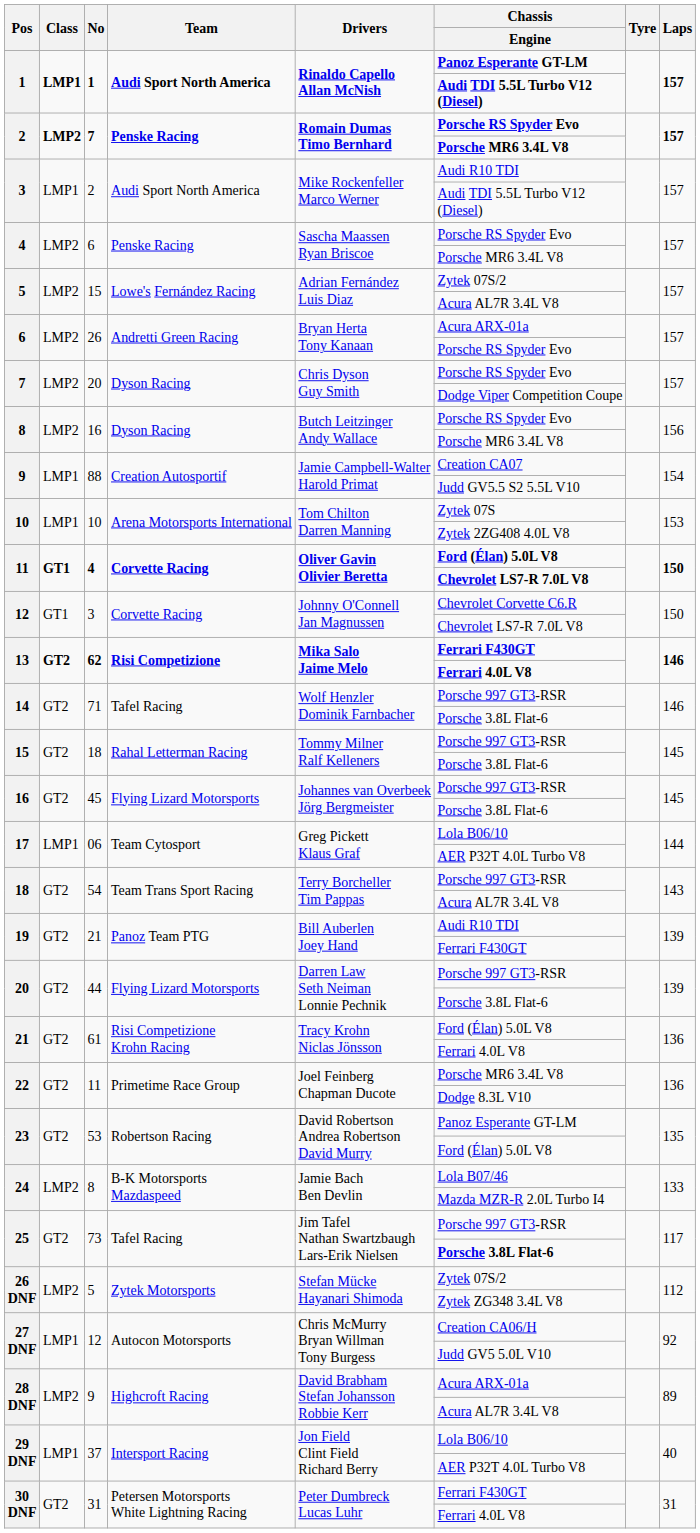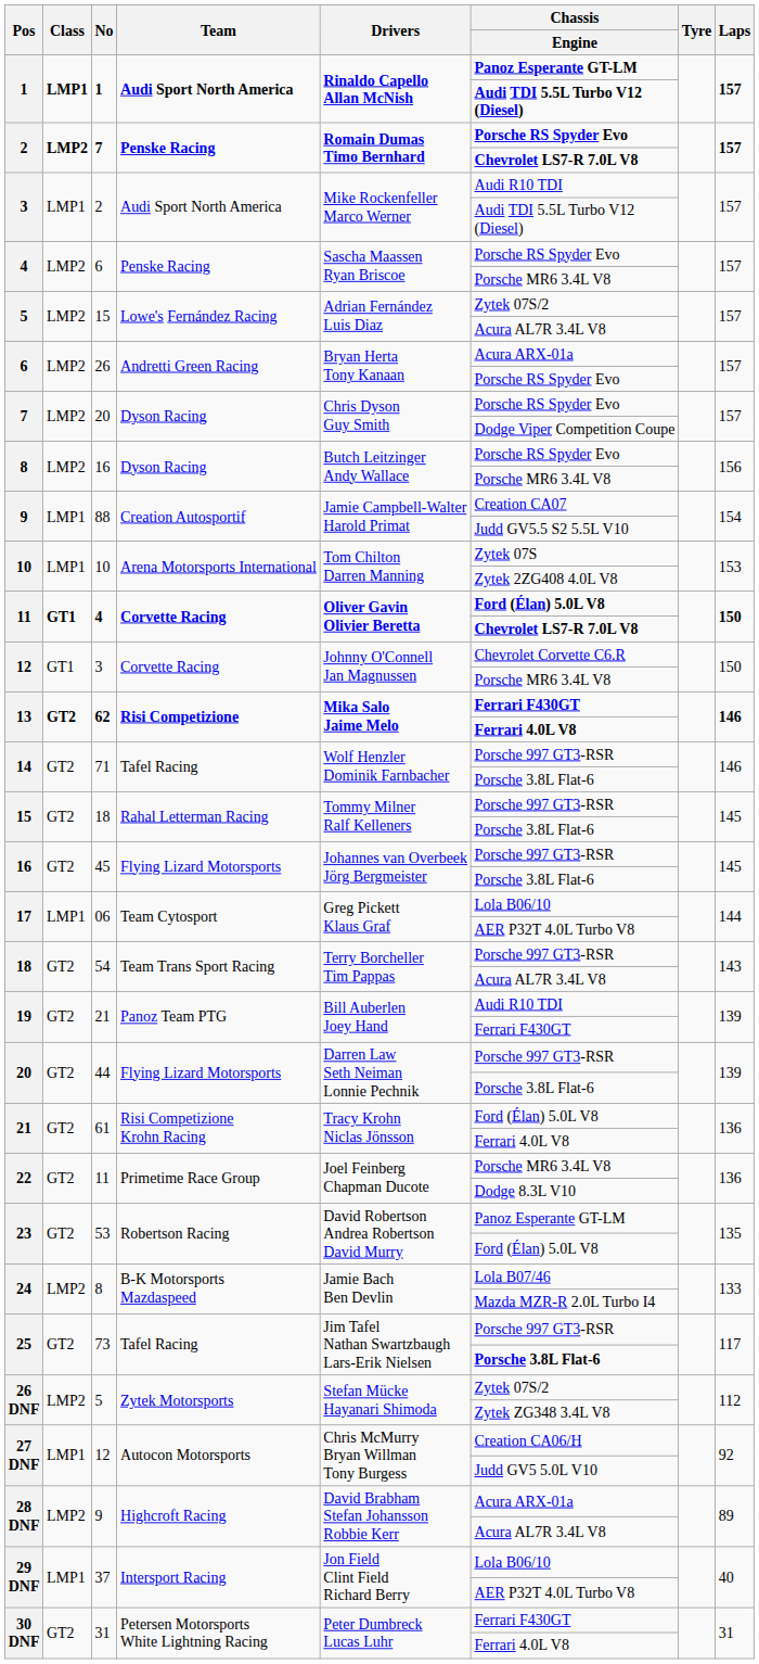 <table class="wikitable" style="font-size: 95%;">
 <tr>
 <th rowspan=2>Pos</th>
 <th rowspan=2>Class</th>
 <th rowspan=2>No</th>
 <th rowspan=2>Team</th>
 <th rowspan=2>Drivers</th>
 <th>Chassis</th>
 <th rowspan=2>Tyre</th>
 <th rowspan=2>Laps</th>
 </tr>
 <tr>
 <th>Engine</th>
 </tr>
 <tr style="font-weight:bold">
 <th rowspan=2>1</th>
 <td rowspan=2>LMP1</td>
 <td rowspan=2>1</td>
 <td rowspan=2> <a href='#'>Audi</a> Sport North America</td>
 <td rowspan=2> <a href='#'>Rinaldo Capello</a><br> <a href='#'>Allan McNish</a></td>
 <td><a href='#'>Panoz Esperante</a> GT-LM</td>
 <td rowspan=2></td>
 <td rowspan=2>157</td>
 </tr>
 <tr style="font-weight:bold">
 <td><a href='#'>Audi</a> <a href='#'>TDI</a> 5.5L Turbo V12<br>(<a href='#'>Diesel</a>)</td>
 </tr>
 <tr style="font-weight:bold">
 <th rowspan=2>2</th>
 <td rowspan=2>LMP2</td>
 <td rowspan=2>7</td>
 <td rowspan=2> <a href='#'>Penske Racing</a></td>
 <td rowspan=2> <a href='#'>Romain Dumas</a><br> <a href='#'>Timo Bernhard</a></td>
 <td><a href='#'>Porsche RS Spyder</a> Evo</td>
 <td rowspan=2></td>
 <td rowspan=2>157</td>
 </tr>
 <tr style="font-weight:bold">
-<td><a href='#'>Porsche</a> MR6 3.4L V8</td>
+<td><a href='#'>Chevrolet</a> LS7-R 7.0L V8</td>
 </tr>
 <tr>
 <th rowspan=2>3</th>
 <td rowspan=2>LMP1</td>
 <td rowspan=2>2</td>
 <td rowspan=2> <a href='#'>Audi</a> Sport North America</td>
 <td rowspan=2> <a href='#'>Mike Rockenfeller</a><br> <a href='#'>Marco Werner</a></td>
 <td><a href='#'>Audi R10 TDI</a></td>
 <td rowspan=2></td>
 <td rowspan=2>157</td>
 </tr>
 <tr>
 <td><a href='#'>Audi</a> <a href='#'>TDI</a> 5.5L Turbo V12<br>(<a href='#'>Diesel</a>)</td>
 </tr>
 <tr>
 <th rowspan=2>4</th>
 <td rowspan=2>LMP2</td>
 <td rowspan=2>6</td>
 <td rowspan=2> <a href='#'>Penske Racing</a></td>
 <td rowspan=2> <a href='#'>Sascha Maassen</a><br> <a href='#'>Ryan Briscoe</a></td>
 <td><a href='#'>Porsche RS Spyder</a> Evo</td>
 <td rowspan=2></td>
 <td rowspan=2>157</td>
 </tr>
 <tr>
 <td><a href='#'>Porsche</a> MR6 3.4L V8</td>
 </tr>
 <tr>
 <th rowspan=2>5</th>
 <td rowspan=2>LMP2</td>
 <td rowspan=2>15</td>
 <td rowspan=2> <a href='#'>Lowe's</a> <a href='#'>Fernández Racing</a></td>
 <td rowspan=2> <a href='#'>Adrian Fernández</a><br> <a href='#'>Luis Diaz</a></td>
 <td><a href='#'>Zytek</a> 07S/2</td>
 <td rowspan=2></td>
 <td rowspan=2>157</td>
 </tr>
 <tr>
 <td><a href='#'>Acura</a> AL7R 3.4L V8</td>
 </tr>
 <tr>
 <th rowspan=2>6</th>
 <td rowspan=2>LMP2</td>
 <td rowspan=2>26</td>
 <td rowspan=2> <a href='#'>Andretti Green Racing</a></td>
 <td rowspan=2> <a href='#'>Bryan Herta</a><br> <a href='#'>Tony Kanaan</a></td>
 <td><a href='#'>Acura ARX-01a</a></td>
 <td rowspan=2></td>
 <td rowspan=2>157</td>
 </tr>
 <tr>
 <td><a href='#'>Porsche RS Spyder</a> Evo</td>
 </tr>
 <tr>
 <th rowspan=2>7</th>
 <td rowspan=2>LMP2</td>
 <td rowspan=2>20</td>
 <td rowspan=2> <a href='#'>Dyson Racing</a></td>
 <td rowspan=2> <a href='#'>Chris Dyson</a><br> <a href='#'>Guy Smith</a></td>
 <td><a href='#'>Porsche RS Spyder</a> Evo</td>
 <td rowspan=2></td>
 <td rowspan=2>157</td>
 </tr>
 <tr>
 <td><a href='#'>Dodge Viper</a> Competition Coupe</td>
 </tr>
 <tr>
 <th rowspan=2>8</th>
 <td rowspan=2>LMP2</td>
 <td rowspan=2>16</td>
 <td rowspan=2> <a href='#'>Dyson Racing</a></td>
 <td rowspan=2> <a href='#'>Butch Leitzinger</a><br> <a href='#'>Andy Wallace</a></td>
 <td><a href='#'>Porsche RS Spyder</a> Evo</td>
 <td rowspan=2></td>
 <td rowspan=2>156</td>
 </tr>
 <tr>
 <td><a href='#'>Porsche</a> MR6 3.4L V8</td>
 </tr>
 <tr>
 <th rowspan=2>9</th>
 <td rowspan=2>LMP1</td>
 <td rowspan=2>88</td>
 <td rowspan=2> <a href='#'>Creation Autosportif</a></td>
 <td rowspan=2> <a href='#'>Jamie Campbell-Walter</a><br> <a href='#'>Harold Primat</a></td>
 <td><a href='#'>Creation CA07</a></td>
 <td rowspan=2></td>
 <td rowspan=2>154</td>
 </tr>
 <tr>
 <td><a href='#'>Judd</a> GV5.5 S2 5.5L V10</td>
 </tr>
 <tr>
 <th rowspan=2>10</th>
 <td rowspan=2>LMP1</td>
 <td rowspan=2>10</td>
 <td rowspan=2> <a href='#'>Arena Motorsports International</a></td>
 <td rowspan=2> <a href='#'>Tom Chilton</a><br> <a href='#'>Darren Manning</a></td>
 <td><a href='#'>Zytek</a> 07S</td>
 <td rowspan=2></td>
 <td rowspan=2>153</td>
 </tr>
 <tr>
 <td><a href='#'>Zytek</a> 2ZG408 4.0L V8</td>
 </tr>
 <tr style="font-weight:bold">
 <th rowspan=2>11</th>
 <td rowspan=2>GT1</td>
 <td rowspan=2>4</td>
 <td rowspan=2> <a href='#'>Corvette Racing</a></td>
 <td rowspan=2> <a href='#'>Oliver Gavin</a><br> <a href='#'>Olivier Beretta</a></td>
 <td><a href='#'>Ford</a> (<a href='#'>Élan</a>) 5.0L V8</td>
 <td rowspan=2></td>
 <td rowspan=2>150</td>
 </tr>
 <tr style="font-weight:bold">
 <td><a href='#'>Chevrolet</a> LS7-R 7.0L V8</td>
 </tr>
 <tr>
 <th rowspan=2>12</th>
 <td rowspan=2>GT1</td>
 <td rowspan=2>3</td>
 <td rowspan=2> <a href='#'>Corvette Racing</a></td>
 <td rowspan=2> <a href='#'>Johnny O'Connell</a><br> <a href='#'>Jan Magnussen</a></td>
 <td><a href='#'>Chevrolet Corvette C6.R</a></td>
 <td rowspan=2></td>
 <td rowspan=2>150</td>
 </tr>
 <tr>
-<td><a href='#'>Chevrolet</a> LS7-R 7.0L V8</td>
+<td><a href='#'>Porsche</a> MR6 3.4L V8</td>
 </tr>
 <tr style="font-weight:bold">
 <th rowspan=2>13</th>
 <td rowspan=2>GT2</td>
 <td rowspan=2>62</td>
 <td rowspan=2> <a href='#'>Risi Competizione</a></td>
 <td rowspan=2> <a href='#'>Mika Salo</a><br> <a href='#'>Jaime Melo</a></td>
 <td><a href='#'>Ferrari F430GT</a></td>
 <td rowspan=2></td>
 <td rowspan=2>146</td>
 </tr>
 <tr style="font-weight:bold">
 <td><a href='#'>Ferrari</a> 4.0L V8</td>
 </tr>
 <tr>
 <th rowspan=2>14</th>
 <td rowspan=2>GT2</td>
 <td rowspan=2>71</td>
 <td rowspan=2> Tafel Racing</td>
 <td rowspan=2> <a href='#'>Wolf Henzler</a><br> <a href='#'>Dominik Farnbacher</a></td>
 <td><a href='#'>Porsche 997 GT3</a>-RSR</td>
 <td rowspan=2></td>
 <td rowspan=2>146</td>
 </tr>
 <tr>
 <td><a href='#'>Porsche</a> 3.8L Flat-6</td>
 </tr>
 <tr>
 <th rowspan=2>15</th>
 <td rowspan=2>GT2</td>
 <td rowspan=2>18</td>
 <td rowspan=2> <a href='#'>Rahal Letterman Racing</a></td>
 <td rowspan=2> <a href='#'>Tommy Milner</a><br> <a href='#'>Ralf Kelleners</a></td>
 <td><a href='#'>Porsche 997 GT3</a>-RSR</td>
 <td rowspan=2></td>
 <td rowspan=2>145</td>
 </tr>
 <tr>
 <td><a href='#'>Porsche</a> 3.8L Flat-6</td>
 </tr>
 <tr>
 <th rowspan=2>16</th>
 <td rowspan=2>GT2</td>
 <td rowspan=2>45</td>
 <td rowspan=2> <a href='#'>Flying Lizard Motorsports</a></td>
 <td rowspan=2> <a href='#'>Johannes van Overbeek</a><br> <a href='#'>Jörg Bergmeister</a></td>
 <td><a href='#'>Porsche 997 GT3</a>-RSR</td>
 <td rowspan=2></td>
 <td rowspan=2>145</td>
 </tr>
 <tr>
 <td><a href='#'>Porsche</a> 3.8L Flat-6</td>
 </tr>
 <tr>
 <th rowspan=2>17</th>
 <td rowspan=2>LMP1</td>
 <td rowspan=2>06</td>
 <td rowspan=2> Team Cytosport</td>
 <td rowspan=2> Greg Pickett<br> <a href='#'>Klaus Graf</a></td>
 <td><a href='#'>Lola B06/10</a></td>
 <td rowspan=2></td>
 <td rowspan=2>144</td>
 </tr>
 <tr>
 <td><a href='#'>AER</a> P32T 4.0L Turbo V8</td>
 </tr>
 <tr>
 <th rowspan=2>18</th>
 <td rowspan=2>GT2</td>
 <td rowspan=2>54</td>
 <td rowspan=2> Team Trans Sport Racing</td>
 <td rowspan=2> <a href='#'>Terry Borcheller</a><br> <a href='#'>Tim Pappas</a></td>
 <td><a href='#'>Porsche 997 GT3</a>-RSR</td>
 <td rowspan=2></td>
 <td rowspan=2>143</td>
 </tr>
 <tr>
 <td><a href='#'>Acura</a> AL7R 3.4L V8</td>
 </tr>
 <tr>
 <th rowspan=2>19</th>
 <td rowspan=2>GT2</td>
 <td rowspan=2>21</td>
 <td rowspan=2> <a href='#'>Panoz</a> Team PTG</td>
 <td rowspan=2> <a href='#'>Bill Auberlen</a><br> <a href='#'>Joey Hand</a></td>
 <td><a href='#'>Audi R10 TDI</a></td>
 <td rowspan=2></td>
 <td rowspan=2>139</td>
 </tr>
 <tr>
 <td><a href='#'>Ferrari F430GT</a></td>
 </tr>
 <tr>
 <th rowspan=2>20</th>
 <td rowspan=2>GT2</td>
 <td rowspan=2>44</td>
 <td rowspan=2> <a href='#'>Flying Lizard Motorsports</a></td>
 <td rowspan=2> <a href='#'>Darren Law</a><br> <a href='#'>Seth Neiman</a><br> Lonnie Pechnik</td>
 <td><a href='#'>Porsche 997 GT3</a>-RSR</td>
 <td rowspan=2></td>
 <td rowspan=2>139</td>
 </tr>
 <tr>
 <td><a href='#'>Porsche</a> 3.8L Flat-6</td>
 </tr>
 <tr>
 <th rowspan=2>21</th>
 <td rowspan=2>GT2</td>
 <td rowspan=2>61</td>
 <td rowspan=2> <a href='#'>Risi Competizione</a><br> <a href='#'>Krohn Racing</a></td>
 <td rowspan=2> <a href='#'>Tracy Krohn</a><br> <a href='#'>Niclas Jönsson</a></td>
 <td><a href='#'>Ford</a> (<a href='#'>Élan</a>) 5.0L V8</td>
 <td rowspan=2></td>
 <td rowspan=2>136</td>
 </tr>
 <tr>
 <td><a href='#'>Ferrari</a> 4.0L V8</td>
 </tr>
 <tr>
 <th rowspan=2>22</th>
 <td rowspan=2>GT2</td>
 <td rowspan=2>11</td>
 <td rowspan=2> Primetime Race Group</td>
 <td rowspan=2> Joel Feinberg<br> Chapman Ducote</td>
 <td><a href='#'>Porsche</a> MR6 3.4L V8</td>
 <td rowspan=2></td>
 <td rowspan=2>136</td>
 </tr>
 <tr>
 <td><a href='#'>Dodge</a> 8.3L V10</td>
 </tr>
 <tr>
 <th rowspan=2>23</th>
 <td rowspan=2>GT2</td>
 <td rowspan=2>53</td>
 <td rowspan=2> Robertson Racing</td>
 <td rowspan=2> David Robertson<br> Andrea Robertson<br> <a href='#'>David Murry</a></td>
 <td><a href='#'>Panoz Esperante</a> GT-LM</td>
 <td rowspan=2></td>
 <td rowspan=2>135</td>
 </tr>
 <tr>
 <td><a href='#'>Ford</a> (<a href='#'>Élan</a>) 5.0L V8</td>
 </tr>
 <tr>
 <th rowspan=2>24</th>
 <td rowspan=2>LMP2</td>
 <td rowspan=2>8</td>
 <td rowspan=2> B-K Motorsports<br> <a href='#'>Mazdaspeed</a></td>
 <td rowspan=2> Jamie Bach<br> Ben Devlin</td>
 <td><a href='#'>Lola B07/46</a></td>
 <td rowspan=2></td>
 <td rowspan=2>133</td>
 </tr>
 <tr>
 <td><a href='#'>Mazda MZR-R</a> 2.0L Turbo I4</td>
 </tr>
 <tr>
 <th rowspan=2>25</th>
 <td rowspan=2>GT2</td>
 <td rowspan=2>73</td>
 <td rowspan=2> Tafel Racing</td>
 <td rowspan=2> Jim Tafel<br> Nathan Swartzbaugh<br> Lars-Erik Nielsen</td>
 <td><a href='#'>Porsche 997 GT3</a>-RSR</td>
 <td rowspan=2></td>
 <td rowspan=2>117</td>
 </tr>
 <tr>
 <td><strong><a href='#'>Porsche</a> 3.8L Flat-6</strong></td>
 </tr>
 <tr>
 <th rowspan=2>26<br>DNF</th>
 <td rowspan=2>LMP2</td>
 <td rowspan=2>5</td>
 <td rowspan=2> <a href='#'>Zytek Motorsports</a></td>
 <td rowspan=2> <a href='#'>Stefan Mücke</a><br> <a href='#'>Hayanari Shimoda</a></td>
 <td><a href='#'>Zytek</a> 07S/2</td>
 <td rowspan=2></td>
 <td rowspan=2>112</td>
 </tr>
 <tr>
 <td><a href='#'>Zytek</a> ZG348 3.4L V8</td>
 </tr>
 <tr>
 <th rowspan=2>27<br>DNF</th>
 <td rowspan=2>LMP1</td>
 <td rowspan=2>12</td>
 <td rowspan=2> Autocon Motorsports</td>
 <td rowspan=2> Chris McMurry<br> Bryan Willman<br> Tony Burgess</td>
 <td><a href='#'>Creation CA06/H</a></td>
 <td rowspan=2></td>
 <td rowspan=2>92</td>
 </tr>
 <tr>
 <td><a href='#'>Judd</a> GV5 5.0L V10</td>
 </tr>
 <tr>
 <th rowspan=2>28<br>DNF</th>
 <td rowspan=2>LMP2</td>
 <td rowspan=2>9</td>
 <td rowspan=2> <a href='#'>Highcroft Racing</a></td>
 <td rowspan=2> <a href='#'>David Brabham</a><br> <a href='#'>Stefan Johansson</a><br> <a href='#'>Robbie Kerr</a></td>
 <td><a href='#'>Acura ARX-01a</a></td>
 <td rowspan=2></td>
 <td rowspan=2>89</td>
 </tr>
 <tr>
 <td><a href='#'>Acura</a> AL7R 3.4L V8</td>
 </tr>
 <tr>
 <th rowspan=2>29<br>DNF</th>
 <td rowspan=2>LMP1</td>
 <td rowspan=2>37</td>
 <td rowspan=2> <a href='#'>Intersport Racing</a></td>
 <td rowspan=2> <a href='#'>Jon Field</a><br> Clint Field<br> Richard Berry</td>
 <td><a href='#'>Lola B06/10</a></td>
 <td rowspan=2></td>
 <td rowspan=2>40</td>
 </tr>
 <tr>
 <td><a href='#'>AER</a> P32T 4.0L Turbo V8</td>
 </tr>
 <tr>
 <th rowspan=2>30<br>DNF</th>
 <td rowspan=2>GT2</td>
 <td rowspan=2>31</td>
 <td rowspan=2> Petersen Motorsports<br> White Lightning Racing</td>
 <td rowspan=2> <a href='#'>Peter Dumbreck</a><br> <a href='#'>Lucas Luhr</a></td>
 <td><a href='#'>Ferrari F430GT</a></td>
 <td rowspan=2></td>
 <td rowspan=2>31</td>
 </tr>
 <tr>
 <td><a href='#'>Ferrari</a> 4.0L V8</td>
 </tr>
 </table>
